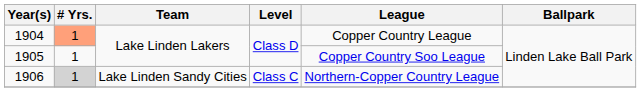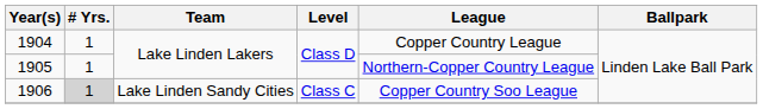 <table class="wikitable" style="text-align:center; font-size: 95%;">
 <tr>
 <th>Year(s)</th>
 <th># Yrs.</th>
 <th>Team</th>
 <th>Level</th>
 <th>League</th>
 <th>Ballpark</th>
 </tr>
 <tr>
 <td>1904</td>
-<td style="background: lightsalmon;">1</td>
+<td>1</td>
 <td rowspan=2>Lake Linden Lakers</td>
 <td rowspan=2><a href='#'>Class D</a></td>
 <td>Copper Country League</td>
 <td rowspan=3>Linden Lake Ball Park</td>
 </tr>
 <tr>
 <td>1905</td>
 <td>1</td>
-<td><a href='#'>Copper Country Soo League</a></td>
+<td><a href='#'>Northern-Copper Country League</a></td>
 </tr>
 <tr>
 <td>1906</td>
 <td style="background: lightgrey;">1</td>
 <td>Lake Linden Sandy Cities</td>
 <td><a href='#'>Class C</a></td>
-<td><a href='#'>Northern-Copper Country League</a></td>
+<td><a href='#'>Copper Country Soo League</a></td>
 </tr>
 <tr>
 </tr>
 </table>
